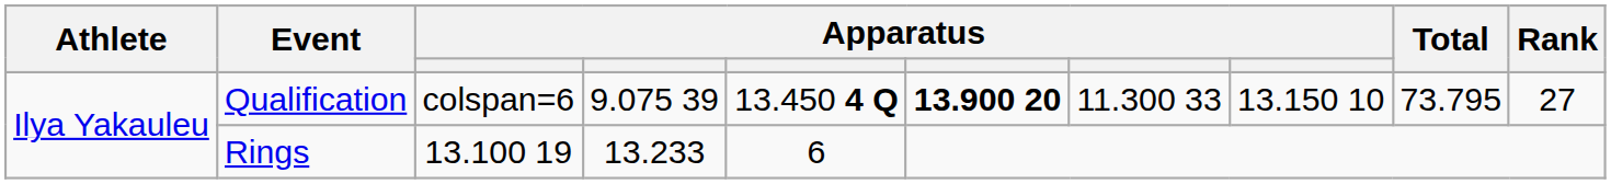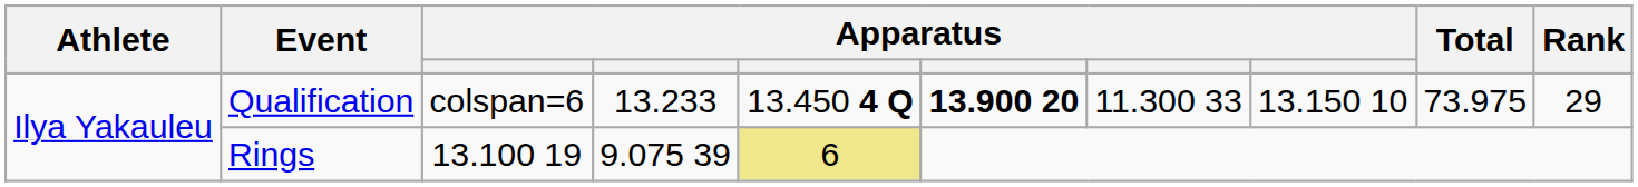 <table class="wikitable" style="font-size:90%">
 <tr>
 <th rowspan=2>Athlete</th>
 <th rowspan=2>Event</th>
 <th colspan =6>Apparatus</th>
 <th rowspan=2>Total</th>
 <th rowspan=2>Rank</th>
 </tr>
 <tr style="font-size:95%">
 <th></th>
 <th></th>
 <th></th>
 <th></th>
 <th></th>
 <th></th>
 </tr>
 <tr align=center>
 <td align=left rowspan=2><a href='#'>Ilya Yakauleu</a></td>
 <td align=left><a href='#'>Qualification</a></td>
 <td>colspan=6 </td>
-<td>9.075	39</td>
+<td>13.233</td>
 <td>13.450	<strong>4 Q</strong></td>
 <td><strong>13.900	20</strong></td>
 <td>11.300	33</td>
 <td>13.150	10</td>
-<td>73.795</td>
-<td>27</td>
+<td>73.975</td>
+<td>29</td>
 </tr>
 <tr align=center>
 <td align=left><a href='#'>Rings</a></td>
 <td>13.100	19</td>
-<td>13.233</td>
-<td>6</td>
+<td>9.075	39</td>
+<td style="background: khaki;">6</td>
 </tr>
 </table>
